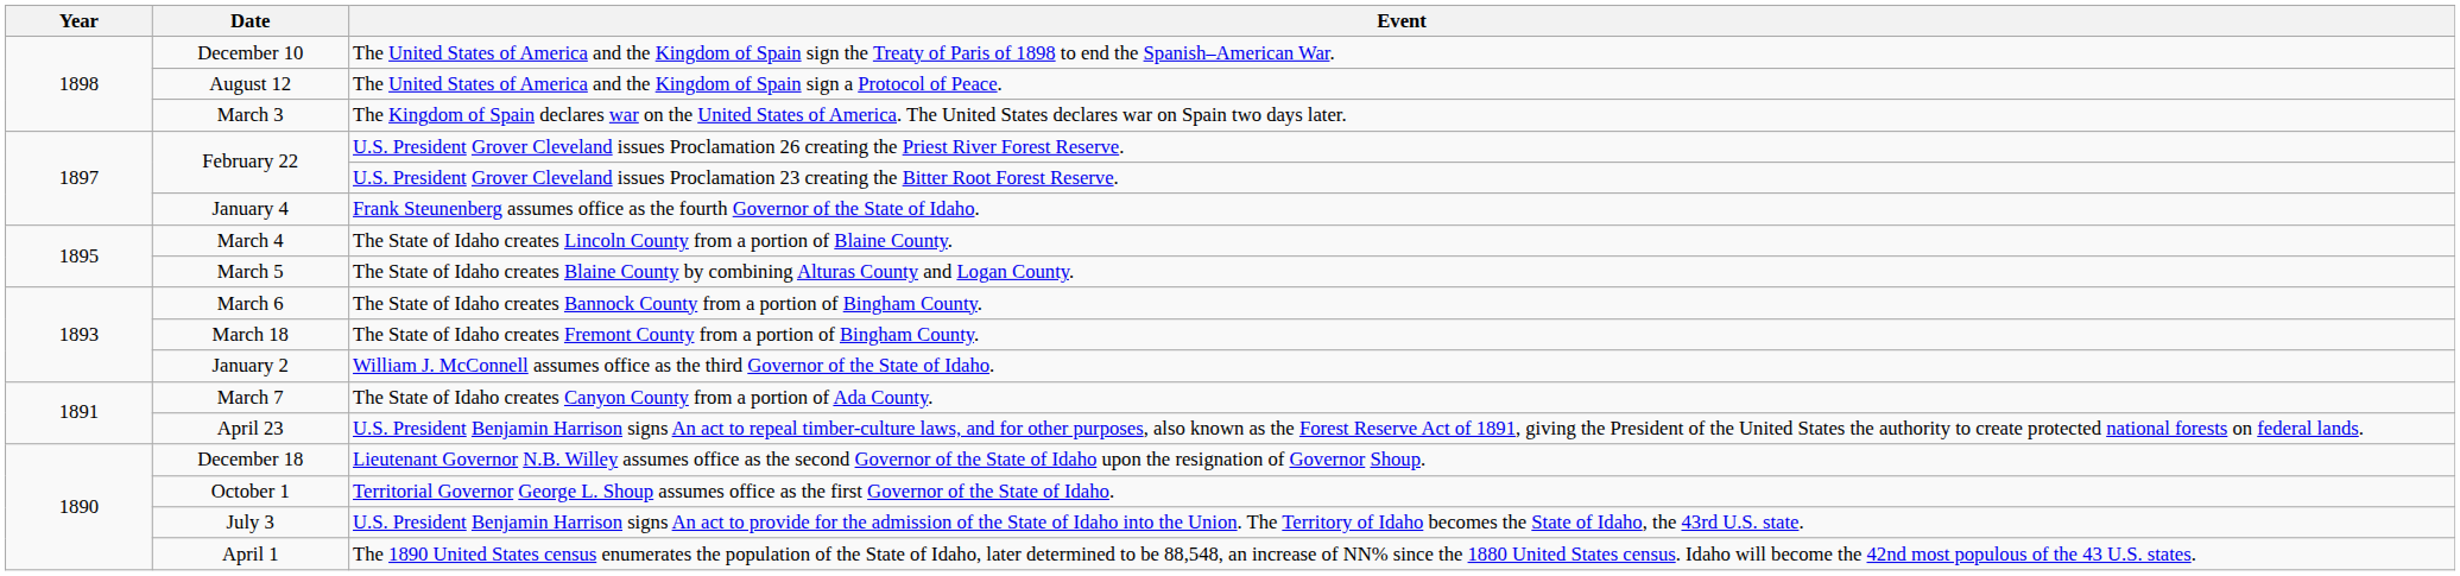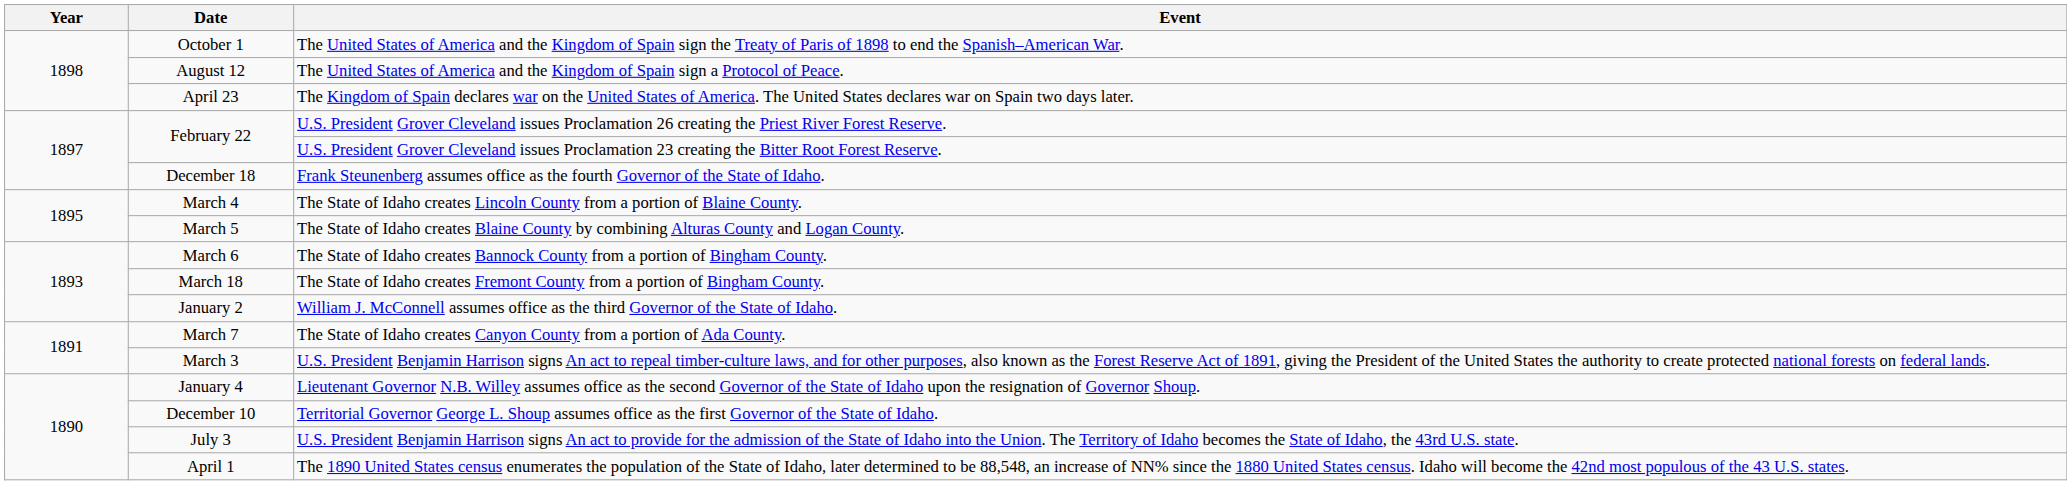 <table class="wikitable" style="width:100%;">
 <tr>
 <th style="width:6%">Year</th>
 <th style="width:8%">Date</th>
 <th style="width:86%">Event</th>
 </tr>
 <tr>
 <td align=center rowspan=3>1898</td>
-<td align=center>December 10</td>
+<td align=center>October 1</td>
 <td>The <a href='#'>United States of America</a> and the <a href='#'>Kingdom of Spain</a> sign the <a href='#'>Treaty of Paris of 1898</a> to end the <a href='#'>Spanish–American War</a>.</td>
 </tr>
 <tr>
 <td align=center>August 12</td>
 <td>The <a href='#'>United States of America</a> and the <a href='#'>Kingdom of Spain</a> sign a <a href='#'>Protocol of Peace</a>.</td>
 </tr>
 <tr>
-<td align=center>March 3</td>
+<td align=center>April 23</td>
 <td>The <a href='#'>Kingdom of Spain</a> declares <a href='#'>war</a> on the <a href='#'>United States of America</a>.  The United States declares war on Spain two days later.</td>
 </tr>
 <tr>
 <td align=center rowspan=3>1897</td>
 <td align=center rowspan=2>February 22</td>
 <td><a href='#'>U.S. President</a> <a href='#'>Grover Cleveland</a> issues Proclamation 26 creating the <a href='#'>Priest River Forest Reserve</a>.</td>
 </tr>
 <tr>
 <td><a href='#'>U.S. President</a> <a href='#'>Grover Cleveland</a> issues Proclamation 23 creating the <a href='#'>Bitter Root Forest Reserve</a>.</td>
 </tr>
 <tr>
-<td align=center>January 4</td>
+<td align=center>December 18</td>
 <td><a href='#'>Frank Steunenberg</a> assumes office as the fourth <a href='#'>Governor of the State of Idaho</a>.</td>
 </tr>
 <tr>
 <td align=center rowspan=2>1895</td>
 <td align=center>March 4</td>
 <td>The State of Idaho creates <a href='#'>Lincoln County</a> from a portion of <a href='#'>Blaine County</a>.</td>
 </tr>
 <tr>
 <td align=center>March 5</td>
 <td>The State of Idaho creates <a href='#'>Blaine County</a> by combining <a href='#'>Alturas County</a> and <a href='#'>Logan County</a>.</td>
 </tr>
 <tr>
 <td align=center rowspan=3>1893</td>
 <td align=center>March 6</td>
 <td>The State of Idaho creates <a href='#'>Bannock County</a> from a portion of <a href='#'>Bingham County</a>.</td>
 </tr>
 <tr>
 <td align=center>March 18</td>
 <td>The State of Idaho creates <a href='#'>Fremont County</a> from a portion of <a href='#'>Bingham County</a>.</td>
 </tr>
 <tr>
 <td align=center>January 2</td>
 <td><a href='#'>William J. McConnell</a> assumes office as the third <a href='#'>Governor of the State of Idaho</a>.</td>
 </tr>
 <tr>
 <td align=center rowspan=2>1891</td>
 <td align=center>March 7</td>
 <td>The State of Idaho creates <a href='#'>Canyon County</a> from a portion of <a href='#'>Ada County</a>.</td>
 </tr>
 <tr>
-<td align=center>April 23</td>
+<td align=center>March 3</td>
 <td><a href='#'>U.S. President</a> <a href='#'>Benjamin Harrison</a> signs <a href='#'>An act to repeal timber-culture laws, and for other purposes</a>, also known as the <a href='#'>Forest Reserve Act of 1891</a>, giving the President of the United States the authority to create protected <a href='#'>national forests</a> on <a href='#'>federal lands</a>.</td>
 </tr>
 <tr>
 <td align=center rowspan=4>1890</td>
-<td align=center>December 18</td>
+<td align=center>January 4</td>
 <td><a href='#'>Lieutenant Governor</a> <a href='#'>N.B. Willey</a> assumes office as the second <a href='#'>Governor of the State of Idaho</a> upon the resignation of <a href='#'>Governor</a> <a href='#'>Shoup</a>.</td>
 </tr>
 <tr>
-<td align=center>October 1</td>
+<td align=center>December 10</td>
 <td><a href='#'>Territorial Governor</a> <a href='#'>George L. Shoup</a> assumes office as the first <a href='#'>Governor of the State of Idaho</a>.</td>
 </tr>
 <tr>
 <td align=center>July 3</td>
 <td><a href='#'>U.S. President</a> <a href='#'>Benjamin Harrison</a> signs <a href='#'>An act to provide for the admission of the State of Idaho into the Union</a>. The <a href='#'>Territory of Idaho</a> becomes the <a href='#'>State of Idaho</a>, the <a href='#'>43rd U.S. state</a>.</td>
 </tr>
 <tr>
 <td align=center>April 1</td>
 <td>The <a href='#'>1890 United States census</a> enumerates the population of the State of Idaho, later determined to be 88,548, an increase of NN% since the <a href='#'>1880 United States census</a>. Idaho will become the <a href='#'>42nd most populous of the 43 U.S. states</a>.</td>
 </tr>
 </table>
